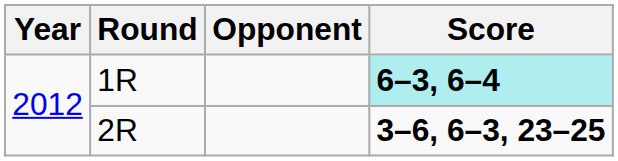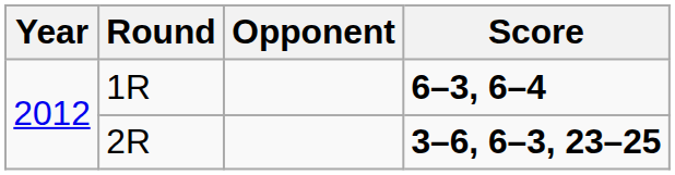 <table class=wikitable>
 <tr>
 <th>Year</th>
 <th>Round</th>
 <th>Opponent</th>
 <th>Score</th>
 </tr>
 <tr>
 <td rowspan=2><a href='#'>2012</a></td>
 <td>1R</td>
 <td></td>
-<td style="background: paleturquoise;"><strong>6–3, 6–4</strong></td>
+<td><strong>6–3, 6–4</strong></td>
 </tr>
 <tr>
 <td>2R</td>
 <td></td>
 <td><strong>3–6, 6–3, 23–25</strong></td>
 </tr>
 </table>
